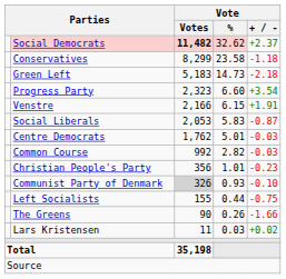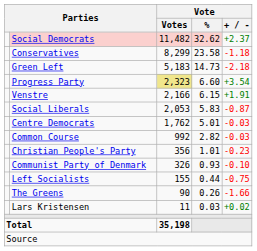 <table class="wikitable" style="text-align:right;">
 <tr>
 <th style="text-align:centre;" rowspan="2" colspan="2" width="225">Parties</th>
 <th colspan="3">Vote</th>
 </tr>
 <tr>
 <th width="15">Votes</th>
 <th width="15">%</th>
 <th width="15">+ / -</th>
 </tr>
 <tr>
 <td width="2" style="color:inherit;background:"></td>
 <td bgcolor=#fbd0ce  align="left"><a href='#'>Social Democrats</a></td>
-<td bgcolor=#fbd0ce><strong>11,482</strong></td>
+<td bgcolor=#fbd0ce>11,482</td>
 <td bgcolor=#fbd0ce>32.62</td>
 <td style=color:green;>+2.37</td>
 </tr>
 <tr>
 <td width="2" style="color:inherit;background:"></td>
 <td align="left"><a href='#'>Conservatives</a></td>
 <td>8,299</td>
 <td>23.58</td>
 <td style=color:red;>-1.18</td>
 </tr>
 <tr>
 <td width="2" style="color:inherit;background:"></td>
 <td align="left"><a href='#'>Green Left</a></td>
 <td>5,183</td>
 <td>14.73</td>
 <td style=color:red;>-2.18</td>
 </tr>
 <tr>
 <td width="2" style="color:inherit;background:"></td>
 <td align="left"><a href='#'>Progress Party</a></td>
-<td>2,323</td>
+<td style="background: khaki;">2,323</td>
 <td>6.60</td>
 <td style=color:green;>+3.54</td>
 </tr>
 <tr>
 <td width="2" style="color:inherit;background:"></td>
 <td align="left"><a href='#'>Venstre</a></td>
 <td>2,166</td>
 <td>6.15</td>
 <td style=color:green;>+1.91</td>
 </tr>
 <tr>
 <td width="2" style="color:inherit;background:"></td>
 <td align="left"><a href='#'>Social Liberals</a></td>
 <td>2,053</td>
 <td>5.83</td>
 <td style=color:red;>-0.87</td>
 </tr>
 <tr>
 <td width="2" style="color:inherit;background:"></td>
 <td align="left"><a href='#'>Centre Democrats</a></td>
 <td>1,762</td>
 <td>5.01</td>
 <td style=color:red;>-0.03</td>
 </tr>
 <tr>
 <td width="2" style="color:inherit;background:"></td>
 <td align="left"><a href='#'>Common Course</a></td>
 <td>992</td>
 <td>2.82</td>
 <td style=color:red;>-0.03</td>
 </tr>
 <tr>
 <td width="2" style="color:inherit;background:"></td>
 <td align="left"><a href='#'>Christian People's Party</a></td>
 <td>356</td>
 <td>1.01</td>
 <td style=color:red;>-0.23</td>
 </tr>
 <tr>
 <td width="2" style="color:inherit;background:"></td>
 <td align="left"><a href='#'>Communist Party of Denmark</a></td>
-<td style="background: lightgrey;">326</td>
+<td>326</td>
 <td>0.93</td>
 <td style=color:red;>-0.10</td>
 </tr>
 <tr>
 <td width="2" style="color:inherit;background:"></td>
 <td align="left"><a href='#'>Left Socialists</a></td>
 <td>155</td>
 <td>0.44</td>
 <td style=color:red;>-0.75</td>
 </tr>
 <tr>
 <td width="2" style="color:inherit;background:"></td>
 <td align="left"><a href='#'>The Greens</a></td>
 <td>90</td>
 <td>0.26</td>
 <td style=color:red;>-1.66</td>
 </tr>
 <tr>
 <td width="2" style="color:inherit;background:"></td>
 <td align="left">Lars Kristensen</td>
 <td>11</td>
 <td>0.03</td>
 <td style=color:green;>+0.02</td>
 </tr>
 <tr>
 <td colspan="7" bgcolor="#E9E9E9"></td>
 </tr>
 <tr>
 <td align="left" colspan="2"><strong>Total</strong></td>
 <td><strong>35,198</strong></td>
 <td bgcolor="#E9E9E9" colspan="2"></td>
 </tr>
 <tr>
 <td align="left" colspan="6">Source</td>
 </tr>
 </table>
